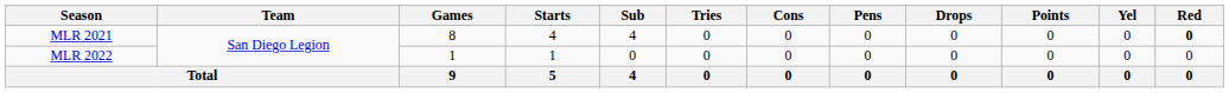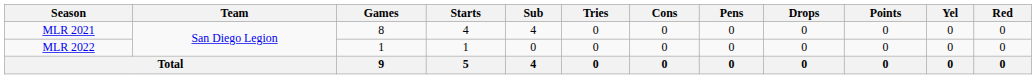 <table class="wikitable" style="text-align:center; line-height:100%; font-size:100%; width:70%;">
 <tr>
 <th>Season</th>
 <th>Team</th>
 <th>Games</th>
 <th>Starts</th>
 <th>Sub</th>
 <th>Tries</th>
 <th>Cons</th>
 <th>Pens</th>
 <th>Drops</th>
 <th>Points</th>
 <th>Yel</th>
 <th>Red</th>
 </tr>
 <tr>
 <td><a href='#'>MLR 2021</a></td>
 <td rowspan="2"><a href='#'>San Diego Legion</a></td>
 <td>8</td>
 <td>4</td>
 <td>4</td>
 <td>0</td>
 <td>0</td>
 <td>0</td>
 <td>0</td>
 <td>0</td>
 <td>0</td>
-<td><strong>0</strong></td>
+<td>0</td>
 </tr>
 <tr>
 <td><a href='#'>MLR 2022</a></td>
 <td>1</td>
 <td>1</td>
 <td>0</td>
 <td>0</td>
 <td>0</td>
 <td>0</td>
 <td>0</td>
 <td>0</td>
 <td>0</td>
 <td>0</td>
 </tr>
 <tr>
 <th colspan="2">Total</th>
 <th>9</th>
 <th>5</th>
 <th>4</th>
 <th>0</th>
 <th>0</th>
 <th>0</th>
 <th>0</th>
 <th>0</th>
 <th>0</th>
 <th>0</th>
 </tr>
 </table>
